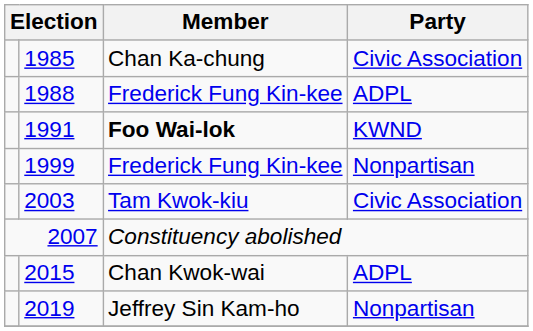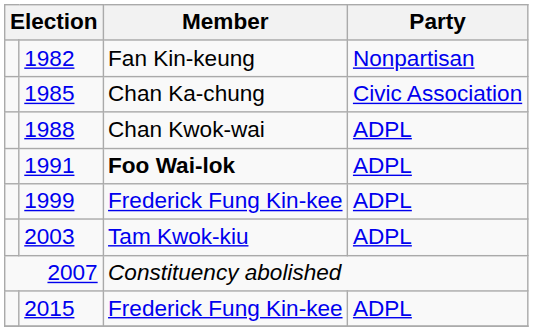 <table class="wikitable">
 <tr>
 <th colspan="2">Election</th>
 <th>Member</th>
 <th>Party</th>
+</tr>
+<tr>
+<td style="background-color:"></td>
+<td><a href='#'>1982</a></td>
+<td>Fan Kin-keung</td>
+<td><a href='#'>Nonpartisan</a></td>
 </tr>
 <tr>
 <td style="background-color:"></td>
 <td><a href='#'>1985</a></td>
 <td>Chan Ka-chung</td>
 <td><a href='#'>Civic Association</a></td>
 </tr>
 <tr>
 <td style="background-color:"></td>
 <td><a href='#'>1988</a></td>
-<td><a href='#'>Frederick Fung Kin-kee</a></td>
+<td>Chan Kwok-wai</td>
 <td><a href='#'>ADPL</a></td>
 </tr>
 <tr>
 <td style="background-color:"></td>
 <td><a href='#'>1991</a></td>
 <td><strong>Foo Wai-lok</strong></td>
-<td><a href='#'>KWND</a></td>
+<td><a href='#'>ADPL</a></td>
 </tr>
 <tr>
 <td style="background-color:"></td>
 <td><a href='#'>1999</a></td>
 <td><a href='#'>Frederick Fung Kin-kee</a></td>
-<td><a href='#'>Nonpartisan</a></td>
+<td><a href='#'>ADPL</a></td>
 </tr>
 <tr>
 <td style="background-color:"></td>
 <td><a href='#'>2003</a></td>
 <td><a href='#'>Tam Kwok-kiu</a></td>
-<td><a href='#'>Civic Association</a></td>
+<td><a href='#'>ADPL</a></td>
 </tr>
 <tr>
 <td colspan=2 align=right><a href='#'>2007</a></td>
 <td colspan=2><em>Constituency abolished</em></td>
 </tr>
 <tr>
 <td style="background-color:"></td>
 <td><a href='#'>2015</a></td>
-<td>Chan Kwok-wai</td>
+<td><a href='#'>Frederick Fung Kin-kee</a></td>
 <td><a href='#'>ADPL</a></td>
-</tr>
-<tr>
-<td style="background-color:"></td>
-<td><a href='#'>2019</a></td>
-<td>Jeffrey Sin Kam-ho</td>
-<td><a href='#'>Nonpartisan</a></td>
 </tr>
 <tr>
 </tr>
 </table>
